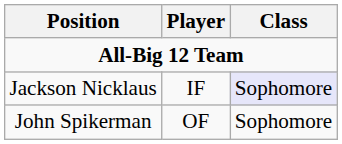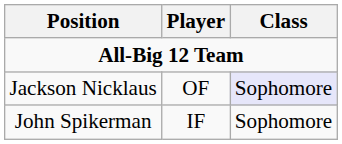 <table class="wikitable">
 <tr>
 <th>Position</th>
 <th>Player</th>
 <th>Class</th>
 </tr>
 <tr>
 <td colspan="4" style="text-align:center; "><strong>All-Big 12 Team</strong></td>
 </tr>
 <tr style="text-align:center;">
 <td>Jackson Nicklaus</td>
-<td>IF</td>
+<td>OF</td>
 <td style="background: lavender;">Sophomore</td>
 </tr>
 <tr style="text-align:center;">
 <td>John Spikerman</td>
-<td>OF</td>
+<td>IF</td>
 <td>Sophomore</td>
 </tr>
 </table>
